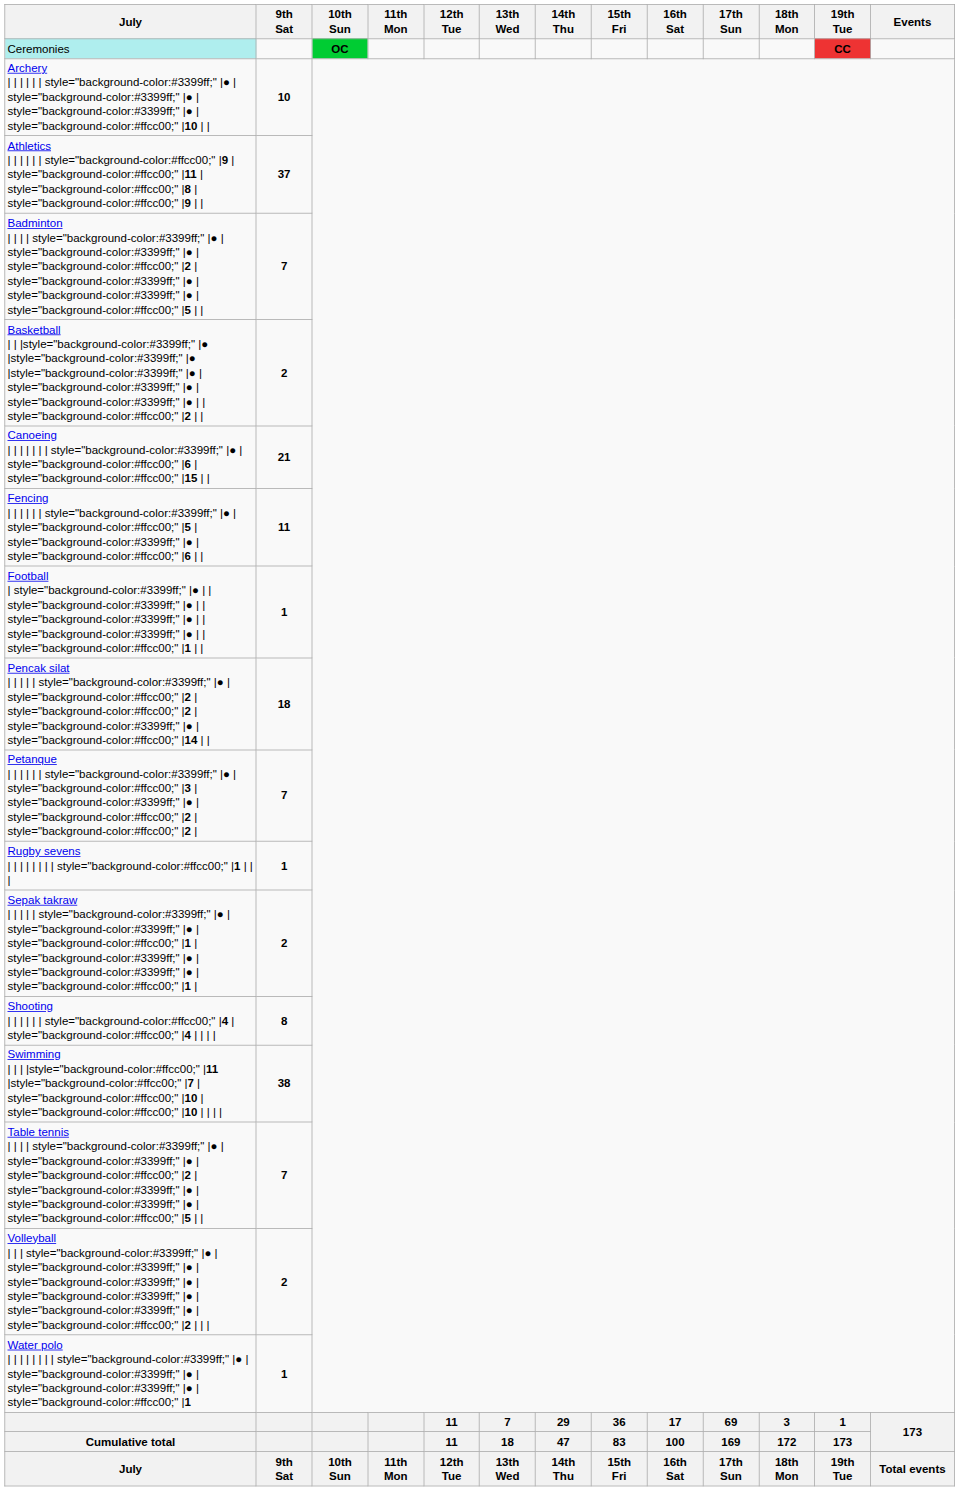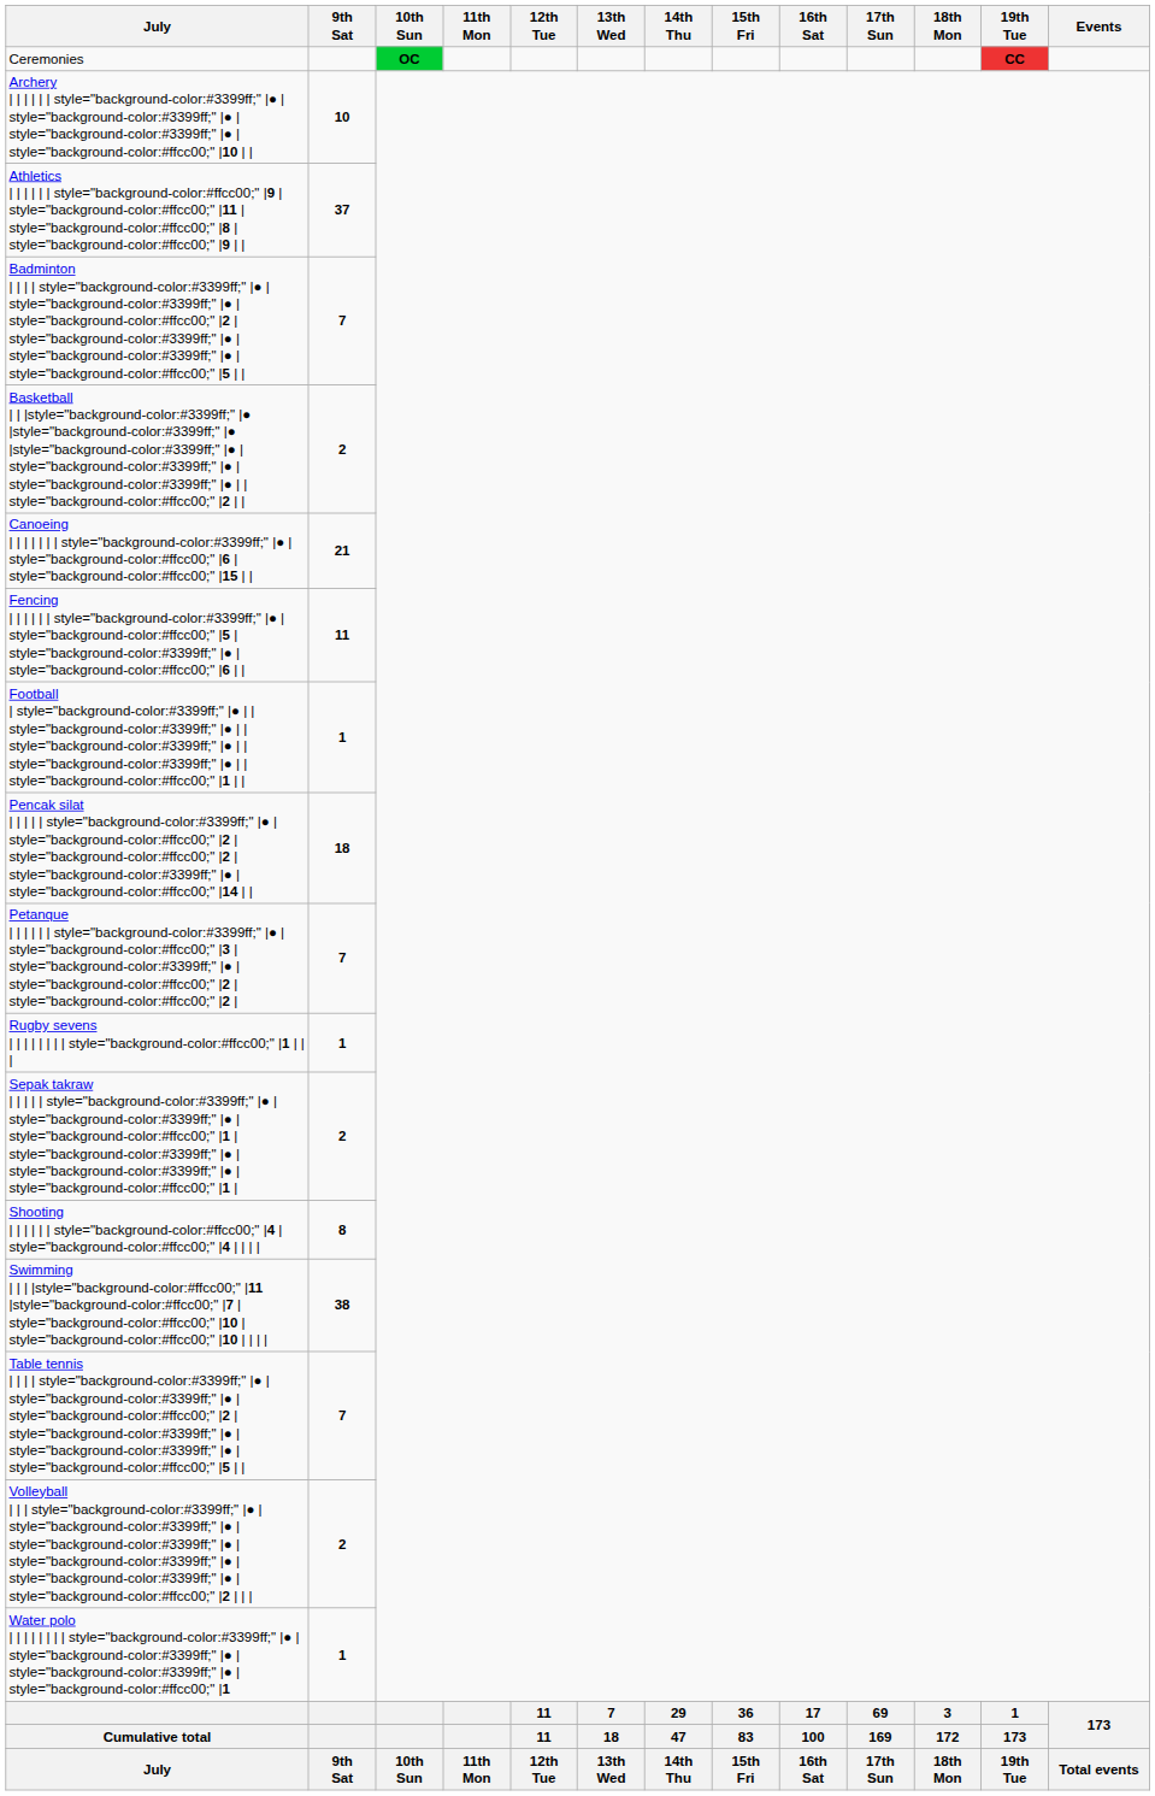 <table class="wikitable" style="margin:0.5em auto; font-size:90%; line-height:1.25em;width:75%;">
 <tr>
 <th style="width:18%;">July</th>
 <th style="width:4%;">9th<br>Sat</th>
 <th style="width:4%;">10th<br>Sun</th>
 <th style="width:4%;">11th<br>Mon</th>
 <th style="width:4%;">12th<br>Tue</th>
 <th style="width:4%;">13th<br>Wed</th>
 <th style="width:4%;">14th<br>Thu</th>
 <th style="width:4%;">15th<br>Fri</th>
 <th style="width:4%;">16th<br>Sat</th>
 <th style="width:4%;">17th<br>Sun</th>
 <th style="width:4%;">18th<br>Mon</th>
 <th style="width:4%;">19th<br>Tue</th>
 <th style="width:6%;">Events</th>
 </tr>
 <tr>
-<td style="background: paleturquoise; text-align:left;">Ceremonies</td>
+<td style="text-align:left;">Ceremonies</td>
 <td></td>
 <td style="background-color:#00cc33;text-align:center;"><strong>OC</strong></td>
 <td></td>
 <td></td>
 <td></td>
 <td></td>
 <td></td>
 <td></td>
 <td></td>
 <td></td>
 <td style="background-color:#ee3333;text-align:center;"><strong>CC</strong></td>
 <td></td>
 </tr>
 <tr style="text-align:center;">
 <td style="text-align:left;"> <a href='#'>Archery</a><br>| | | | | | style="background-color:#3399ff;" |● | style="background-color:#3399ff;" |● | style="background-color:#3399ff;" |● | style="background-color:#ffcc00;" |<strong>10</strong> |  |</td>
 <td><strong>10</strong></td>
 </tr>
 <tr style="text-align:center;">
 <td style="text-align:left;"> <a href='#'>Athletics</a><br>| | | | | | style="background-color:#ffcc00;" |<strong>9</strong> | style="background-color:#ffcc00;" |<strong>11</strong> | style="background-color:#ffcc00;" |<strong>8</strong> | style="background-color:#ffcc00;" |<strong>9</strong> | |</td>
 <td><strong>37</strong></td>
 </tr>
 <tr style="text-align:center;">
 <td style="text-align:left;"> <a href='#'>Badminton</a><br>| |  |  | style="background-color:#3399ff;" |● | style="background-color:#3399ff;" |● | style="background-color:#ffcc00;" |<strong>2</strong> | style="background-color:#3399ff;" |● | style="background-color:#3399ff;" |● | style="background-color:#ffcc00;" |<strong>5</strong> | |</td>
 <td><strong>7</strong></td>
 </tr>
 <tr style="text-align:center;">
 <td style="text-align:left;"> <a href='#'>Basketball</a><br>| | |style="background-color:#3399ff;" |● |style="background-color:#3399ff;" |● |style="background-color:#3399ff;" |● | style="background-color:#3399ff;" |● | style="background-color:#3399ff;" |● |  | style="background-color:#ffcc00;" |<strong>2</strong> |  |</td>
 <td><strong>2</strong></td>
 </tr>
 <tr style="text-align:center;">
 <td style="text-align:left;"> <a href='#'>Canoeing</a><br>| | | | | | | style="background-color:#3399ff;" |● | style="background-color:#ffcc00;" |<strong>6</strong> | style="background-color:#ffcc00;" |<strong>15</strong> |  |</td>
 <td><strong>21</strong></td>
 </tr>
 <tr style="text-align:center;">
 <td style="text-align:left;"> <a href='#'>Fencing</a><br>| | | | | | style="background-color:#3399ff;" |● | style="background-color:#ffcc00;" |<strong>5</strong> | style="background-color:#3399ff;" |● | style="background-color:#ffcc00;" |<strong>6</strong> |  |</td>
 <td><strong>11</strong></td>
 </tr>
 <tr style="text-align:center;">
 <td style="text-align:left;"> <a href='#'>Football</a><br>| style="background-color:#3399ff;" |● | | style="background-color:#3399ff;" |● |  | style="background-color:#3399ff;" |● |  | style="background-color:#3399ff;" |● | | style="background-color:#ffcc00;" |<strong>1</strong> | |</td>
 <td><strong>1</strong></td>
 </tr>
 <tr style="text-align:center;">
 <td style="text-align:left;"> <a href='#'>Pencak silat</a><br>| | | | | style="background-color:#3399ff;" |● | style="background-color:#ffcc00;" |<strong>2</strong> | style="background-color:#ffcc00;" |<strong>2</strong> | style="background-color:#3399ff;" |● | style="background-color:#ffcc00;" |<strong>14</strong> | |</td>
 <td><strong>18</strong></td>
 </tr>
 <tr style="text-align:center;">
 <td style="text-align:left;"> <a href='#'>Petanque</a><br>| | | | | | style="background-color:#3399ff;" |● | style="background-color:#ffcc00;" |<strong>3</strong> | style="background-color:#3399ff;" |● | style="background-color:#ffcc00;" |<strong>2</strong> | style="background-color:#ffcc00;" |<strong>2</strong> |</td>
 <td><strong>7</strong></td>
 </tr>
 <tr style="text-align:center;">
 <td style="text-align:left;"> <a href='#'>Rugby sevens</a><br>| | | | | | | | style="background-color:#ffcc00;" |<strong>1</strong> | | |</td>
 <td><strong>1</strong></td>
 </tr>
 <tr style="text-align:center;">
 <td style="text-align:left;"> <a href='#'>Sepak takraw</a><br>| | | | | style="background-color:#3399ff;" |● | style="background-color:#3399ff;" |● | style="background-color:#ffcc00;" |<strong>1</strong> | style="background-color:#3399ff;" |● | style="background-color:#3399ff;" |● | style="background-color:#ffcc00;" |<strong>1</strong> |</td>
 <td><strong>2</strong></td>
 </tr>
 <tr style="text-align:center;">
 <td style="text-align:left;"> <a href='#'>Shooting</a><br>| | | | | | style="background-color:#ffcc00;" |<strong>4</strong> | style="background-color:#ffcc00;" |<strong>4</strong> |  |  |  |</td>
 <td><strong>8</strong></td>
 </tr>
 <tr style="text-align:center;">
 <td style="text-align:left;"> <a href='#'>Swimming</a><br>| | | |style="background-color:#ffcc00;" |<strong>11</strong> |style="background-color:#ffcc00;" |<strong>7</strong> | style="background-color:#ffcc00;" |<strong>10</strong> | style="background-color:#ffcc00;" |<strong>10</strong> |  |  |  |</td>
 <td><strong>38</strong></td>
 </tr>
 <tr style="text-align:center;">
 <td style="text-align:left;"> <a href='#'>Table tennis</a><br>| | | | style="background-color:#3399ff;" |● | style="background-color:#3399ff;" |● | style="background-color:#ffcc00;" |<strong>2</strong> | style="background-color:#3399ff;" |● | style="background-color:#3399ff;" |● | style="background-color:#ffcc00;" |<strong>5</strong> |  |</td>
 <td><strong>7</strong></td>
 </tr>
 <tr style="text-align:center;">
 <td style="text-align:left;"> <a href='#'>Volleyball</a><br>| |  | style="background-color:#3399ff;" |● | style="background-color:#3399ff;" |● | style="background-color:#3399ff;" |● | style="background-color:#3399ff;" |● | style="background-color:#3399ff;" |● | style="background-color:#ffcc00;" |<strong>2</strong> |  | |</td>
 <td><strong>2</strong></td>
 </tr>
 <tr style="text-align:center;">
 <td style="text-align:left;"> <a href='#'>Water polo</a><br>| |  |  |  |  |  |  | style="background-color:#3399ff;" |● | style="background-color:#3399ff;" |● | style="background-color:#3399ff;" |● | style="background-color:#ffcc00;" |<strong>1</strong></td>
 <td><strong>1</strong></td>
 </tr>
 <tr>
 <th></th>
 <th></th>
 <th></th>
 <th></th>
 <th>11</th>
 <th>7</th>
 <th>29</th>
 <th>36</th>
 <th>17</th>
 <th>69</th>
 <th>3</th>
 <th>1</th>
 <th rowspan=2>173</th>
 </tr>
 <tr>
 <th>Cumulative total</th>
 <th></th>
 <th></th>
 <th></th>
 <th>11</th>
 <th>18</th>
 <th>47</th>
 <th>83</th>
 <th>100</th>
 <th>169</th>
 <th>172</th>
 <th>173</th>
 </tr>
 <tr>
 <th>July</th>
 <th>9th<br>Sat</th>
 <th>10th<br>Sun</th>
 <th>11th<br>Mon</th>
 <th>12th<br>Tue</th>
 <th>13th<br>Wed</th>
 <th>14th<br>Thu</th>
 <th>15th<br>Fri</th>
 <th>16th<br>Sat</th>
 <th>17th<br>Sun</th>
 <th>18th<br>Mon</th>
 <th>19th<br>Tue</th>
 <th>Total events</th>
 </tr>
 </table>
